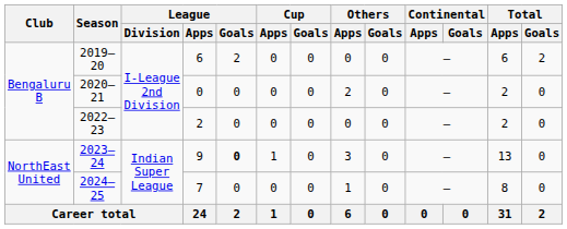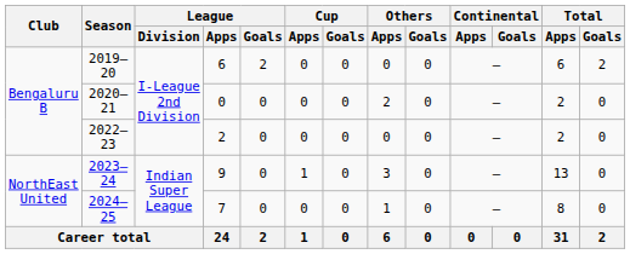 <table class=wikitable style=text-align:center>
 <tr>
 <th rowspan=2>Club</th>
 <th rowspan=2>Season</th>
 <th colspan=3>League</th>
 <th colspan=2>Cup</th>
 <th colspan="2">Others</th>
 <th colspan=2>Continental</th>
 <th colspan=2>Total</th>
 </tr>
 <tr>
 <th>Division</th>
 <th>Apps</th>
 <th>Goals</th>
 <th>Apps</th>
 <th>Goals</th>
 <th>Apps</th>
 <th>Goals</th>
 <th>Apps</th>
 <th>Goals</th>
 <th>Apps</th>
 <th>Goals</th>
 </tr>
 <tr>
 <td rowspan="3"><a href='#'>Bengaluru B</a></td>
 <td>2019–20</td>
 <td rowspan="3"><a href='#'>I-League 2nd Division</a></td>
 <td>6</td>
 <td>2</td>
 <td>0</td>
 <td>0</td>
 <td>0</td>
 <td>0</td>
 <td colspan="2">—</td>
 <td>6</td>
 <td>2</td>
 </tr>
 <tr>
 <td>2020–21</td>
 <td>0</td>
 <td>0</td>
 <td>0</td>
 <td>0</td>
 <td>2</td>
 <td>0</td>
 <td colspan="2">—</td>
 <td>2</td>
 <td>0</td>
 </tr>
 <tr>
 <td>2022–23</td>
 <td>2</td>
 <td>0</td>
 <td>0</td>
 <td>0</td>
 <td>0</td>
 <td>0</td>
 <td colspan="2">—</td>
 <td>2</td>
 <td>0</td>
 </tr>
 <tr>
 <td rowspan="2"><a href='#'>NorthEast United</a></td>
 <td><a href='#'>2023–24</a></td>
 <td rowspan="2"><a href='#'>Indian Super League</a></td>
 <td>9</td>
-<td><strong>0</strong></td>
+<td>0</td>
 <td>1</td>
 <td>0</td>
 <td>3</td>
 <td>0</td>
 <td colspan="2">—</td>
 <td>13</td>
 <td>0</td>
 </tr>
 <tr>
 <td><a href='#'>2024–25</a></td>
 <td>7</td>
 <td>0</td>
 <td>0</td>
 <td>0</td>
 <td>1</td>
 <td>0</td>
 <td colspan="2">—</td>
 <td>8</td>
 <td>0</td>
 </tr>
 <tr>
 <th colspan=3>Career total</th>
 <th>24</th>
 <th>2</th>
 <th>1</th>
 <th>0</th>
 <th>6</th>
 <th>0</th>
 <th>0</th>
 <th>0</th>
 <th>31</th>
 <th>2</th>
 </tr>
 </table>
